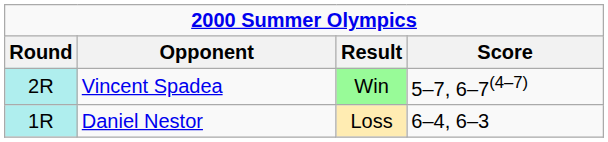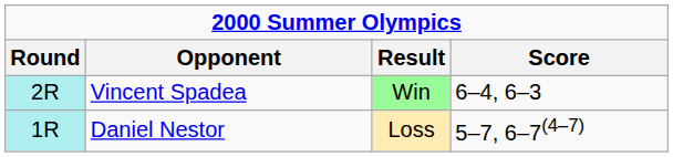 <table class=wikitable>
 <tr>
 <td colspan=4 style="text-align:center;"><strong><a href='#'>2000 Summer Olympics</a></strong></td>
 </tr>
 <tr>
 <th>Round</th>
 <th width=200>Opponent</th>
 <th>Result</th>
 <th width=150>Score</th>
 </tr>
 <tr>
 <td bgcolor=#afeeee style="text-align:center;">2R</td>
 <td> <a href='#'>Vincent Spadea</a></td>
 <td bgcolor=98FB98 style="text-align:center;">Win</td>
-<td>5–7, 6–7<sup>(4–7)</sup></td>
+<td>6–4, 6–3</td>
 </tr>
 <tr>
 <td bgcolor=#afeeee style="text-align:center;">1R</td>
 <td> <a href='#'>Daniel Nestor</a></td>
 <td bgcolor=#FFECB2 style="text-align:center;">Loss</td>
-<td>6–4, 6–3</td>
+<td>5–7, 6–7<sup>(4–7)</sup></td>
 </tr>
 </table>
